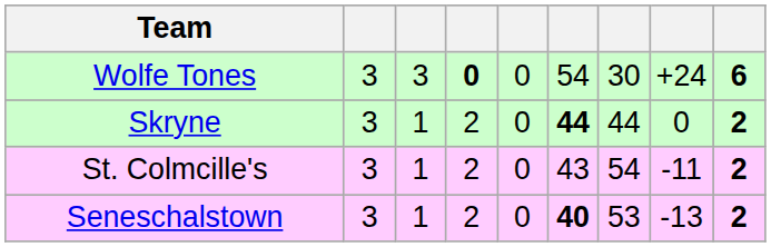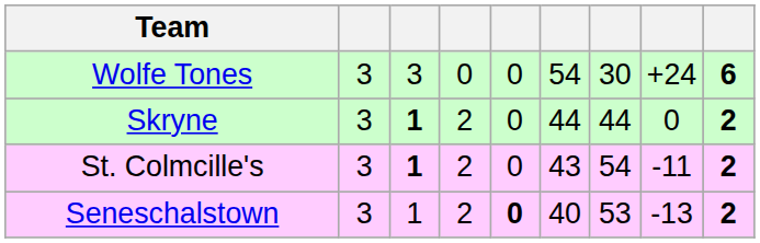 <table class="wikitable" style="text-align:center">
 <tr>
 <th style="width:175px;">Team</th>
 <th width="20"></th>
 <th width="20"></th>
 <th width="20"></th>
 <th width="20"></th>
 <th width="20"></th>
 <th width="20"></th>
 <th width="20"></th>
 <th width="20"></th>
 </tr>
 <tr style="background:#cfc;">
 <td><a href='#'>Wolfe Tones</a></td>
 <td>3</td>
 <td>3</td>
-<td><strong>0</strong></td>
+<td>0</td>
 <td>0</td>
 <td>54</td>
 <td>30</td>
 <td>+24</td>
 <td><strong>6</strong></td>
 </tr>
 <tr style="background:#cfc;">
 <td><a href='#'>Skryne</a></td>
 <td>3</td>
-<td>1</td>
+<td><strong>1</strong></td>
 <td>2</td>
 <td>0</td>
-<td><strong>44</strong></td>
+<td>44</td>
 <td>44</td>
 <td>0</td>
 <td><strong>2</strong></td>
 </tr>
 <tr style="background:#fcf;">
 <td>St. Colmcille's</td>
 <td>3</td>
-<td>1</td>
+<td><strong>1</strong></td>
 <td>2</td>
 <td>0</td>
 <td>43</td>
 <td>54</td>
 <td>-11</td>
 <td><strong>2</strong></td>
 </tr>
 <tr style="background:#fcf;">
 <td><a href='#'>Seneschalstown</a></td>
 <td>3</td>
 <td>1</td>
 <td>2</td>
-<td>0</td>
-<td><strong>40</strong></td>
+<td><strong>0</strong></td>
+<td>40</td>
 <td>53</td>
 <td>-13</td>
 <td><strong>2</strong></td>
 </tr>
 </table>
